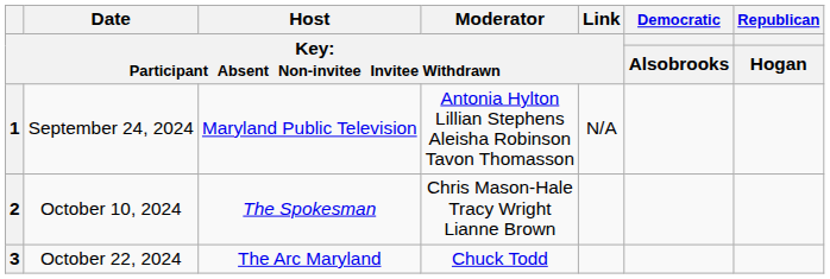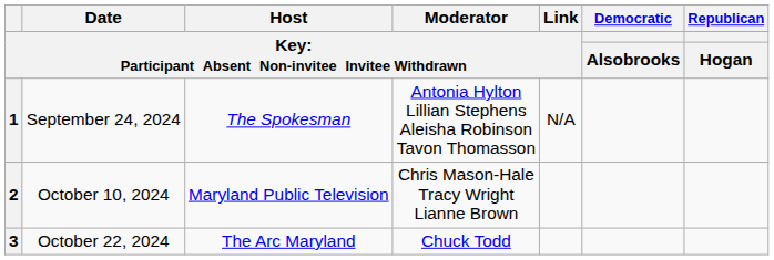 <table class="wikitable" style="text-align:center;">
 <tr>
 <th scope="col"></th>
 <th scope="col">Date</th>
 <th scope="col">Host</th>
 <th scope="col">Moderator</th>
 <th scope="col">Link</th>
 <th scope="col"><small><a href='#'>Democratic</a></small></th>
 <th scope="col"><small><a href='#'>Republican</a></small></th>
 </tr>
 <tr>
 <th colspan="5" rowspan="2">Key:<br> <small>Participant </small>  <small>Absent </small>  <small>Non-invitee </small>  <small>Invitee  Withdrawn</small></th>
 <th scope="col" style="background:"></th>
 <th scope="col" style="background:"></th>
 </tr>
 <tr>
 <th scope="col">Alsobrooks</th>
 <th scope="col">Hogan</th>
 </tr>
 <tr>
 <th scope="row">1</th>
 <td style="white-space:nowrap;">September 24, 2024</td>
-<td style="white-space:nowrap;"><a href='#'>Maryland Public Television</a></td>
+<td style="white-space:nowrap;"><a href='#'><em>The Spokesman</em></a></td>
 <td style="white-space:nowrap;"><a href='#'>Antonia Hylton</a><br>Lillian Stephens<br>Aleisha Robinson<br>Tavon Thomasson</td>
 <td style="white-space:nowrap;">N/A</td>
 <td></td>
 <td></td>
 </tr>
 <tr>
 <th scope="row">2</th>
 <td style="white-space:nowrap;">October 10, 2024</td>
-<td style="white-space:nowrap;"><a href='#'><em>The Spokesman</em></a></td>
+<td style="white-space:nowrap;"><a href='#'>Maryland Public Television</a></td>
 <td style="white-space:nowrap;">Chris Mason-Hale<br>Tracy Wright<br>Lianne Brown</td>
 <td style="white-space:nowrap;"><br></td>
 <td></td>
 <td></td>
 </tr>
 <tr>
 <th scope="row">3</th>
 <td style="white-space:nowrap;">October 22, 2024</td>
 <td style="white-space:nowrap;"><a href='#'>The Arc Maryland</a></td>
 <td style="white-space:nowrap;"><a href='#'>Chuck Todd</a></td>
 <td style="white-space:nowrap;"></td>
 <td></td>
 <td></td>
 </tr>
 </table>
